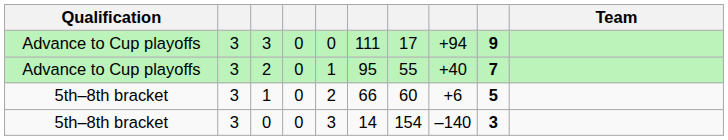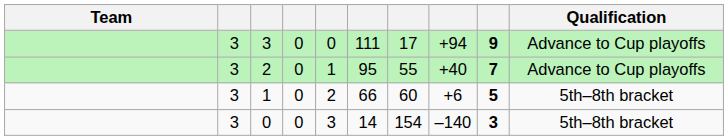 <table class="wikitable" style="text-align:center">
 <tr>
-<th style="width:12.5em">Qualification</th>
+<th style="width:12.5em">Team</th>
 <th style="width:1.5em;"></th>
 <th style="width:1.5em;"></th>
 <th style="width:1.5em;"></th>
 <th style="width:1.5em;"></th>
 <th style="width:2.0em;"></th>
 <th style="width:2.0em;"></th>
 <th style="width:2.5em;"></th>
 <th style="width:1.5em;"></th>
-<th style="width:12.5em">Team</th>
+<th style="width:12.5em">Qualification</th>
 </tr>
 <tr bgcolor=#bbf3bb>
-<td>Advance to Cup playoffs</td>
+<td align=left></td>
 <td>3</td>
 <td>3</td>
 <td>0</td>
 <td>0</td>
 <td>111</td>
 <td>17</td>
 <td>+94</td>
 <td><strong>9</strong></td>
-<td align=left></td>
+<td>Advance to Cup playoffs</td>
 </tr>
 <tr bgcolor=#bbf3bb>
-<td>Advance to Cup playoffs</td>
+<td align=left></td>
 <td>3</td>
 <td>2</td>
 <td>0</td>
 <td>1</td>
 <td>95</td>
 <td>55</td>
 <td>+40</td>
 <td><strong>7</strong></td>
-<td align=left></td>
+<td>Advance to Cup playoffs</td>
 </tr>
 <tr>
-<td>5th–8th bracket</td>
+<td align=left></td>
 <td>3</td>
 <td>1</td>
 <td>0</td>
 <td>2</td>
 <td>66</td>
 <td>60</td>
 <td>+6</td>
 <td><strong>5</strong></td>
-<td align=left></td>
+<td>5th–8th bracket</td>
 </tr>
 <tr>
-<td>5th–8th bracket</td>
+<td align=left></td>
 <td>3</td>
 <td>0</td>
 <td>0</td>
 <td>3</td>
 <td>14</td>
 <td>154</td>
 <td>–140</td>
 <td><strong>3</strong></td>
-<td align=left></td>
+<td>5th–8th bracket</td>
 </tr>
 </table>
